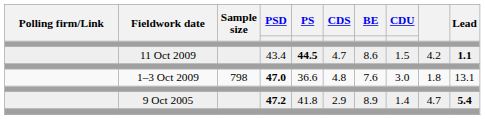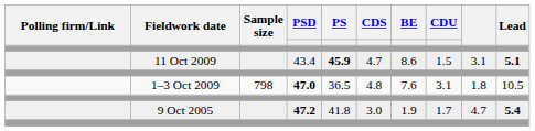 <table class="wikitable collapsible sortable" style="text-align:center; font-size:95%; line-height:16px;">
 <tr style="height:42px;">
 <th style="width:145px;" rowspan="2">Polling firm/Link</th>
 <th style="width:125px;" rowspan="2">Fieldwork date</th>
 <th class="unsortable" style="width:50px;" rowspan="2">Sample size</th>
 <th class="unsortable" style="width:35px;"><a href='#'>PSD</a></th>
 <th class="unsortable" style="width:35px;"><a href='#'>PS</a></th>
 <th class="unsortable" style="width:35px;"><a href='#'>CDS</a></th>
 <th class="unsortable" style="width:35px;"><a href='#'>BE</a></th>
 <th class="unsortable" style="width:35px;"><a href='#'>CDU</a></th>
 <th class="unsortable" style="width:35px;" rowspan="2"></th>
 <th class="unsortable" style="width:30px;" rowspan="2">Lead</th>
 </tr>
 <tr>
 <th class="unsortable" style="color:inherit;background:"></th>
 <th class="unsortable" style="color:inherit;background:"></th>
 <th class="unsortable" style="color:inherit;background:"></th>
 <th class="unsortable" style="color:inherit;background:"></th>
 <th class="unsortable" style="color:inherit;background:"></th>
 </tr>
 <tr>
 <td colspan="13" style="background:#A0A0A0"></td>
 </tr>
 <tr style="background:#EFEFEF;">
 <td><strong></strong></td>
 <td data-sort-value="2019-10-06">11 Oct 2009</td>
 <td></td>
 <td>43.4<br></td>
-<td><strong>44.5</strong><br></td>
+<td><strong>45.9</strong><br></td>
 <td>4.7<br></td>
 <td>8.6<br></td>
 <td>1.5<br></td>
-<td>4.2<br></td>
-<td style="background:"><strong>1.1</strong></td>
+<td>3.1<br></td>
+<td style="background:"><strong>5.1</strong></td>
 </tr>
 <tr>
 <td colspan="13" style="background:#A0A0A0"></td>
 </tr>
 <tr>
 <td align="center"></td>
 <td align="center">1–3 Oct 2009</td>
 <td>798</td>
 <td align="center" ><strong>47.0</strong></td>
-<td align="center">36.6</td>
+<td align="center">36.5</td>
 <td align="center">4.8</td>
 <td align="center">7.6</td>
-<td align="center">3.0</td>
+<td align="center">3.1</td>
 <td align="center">1.8</td>
-<td style="background:">13.1</td>
+<td style="background:">10.5</td>
 </tr>
 <tr>
 <td colspan="13" style="background:#A0A0A0"></td>
 </tr>
 <tr style="background:#EFEFEF;">
 <td><strong></strong></td>
 <td data-sort-value="2019-10-06">9 Oct 2005</td>
 <td></td>
 <td><strong>47.2</strong><br></td>
 <td>41.8<br></td>
-<td>2.9<br></td>
-<td>8.9<br></td>
-<td>1.4<br></td>
+<td>3.0<br></td>
+<td>1.9<br></td>
+<td>1.7<br></td>
 <td>4.7<br></td>
 <td style="background:"><strong>5.4</strong></td>
 </tr>
 <tr>
 <td colspan="13" style="background:#A0A0A0"></td>
 </tr>
 <tr>
 </tr>
 </table>
